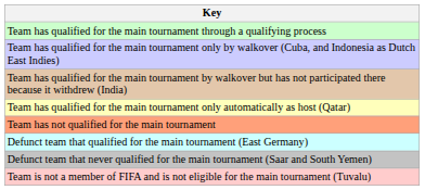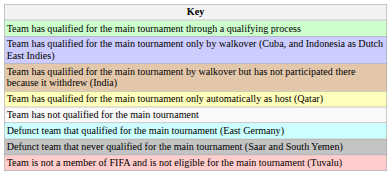 <table class="wikitable">
 <tr>
 <th>Key</th>
 </tr>
 <tr style="background:#cfc;">
 <td>Team has qualified for the main tournament through a qualifying process</td>
 </tr>
 <tr style="background:#ccccff;">
 <td>Team has qualified for the main tournament only by walkover (Cuba, and Indonesia as Dutch East Indies)</td>
 </tr>
 <tr style="background:#e3c7ab;">
 <td>Team has qualified for the main tournament by walkover but has not participated there because it withdrew (India)</td>
 </tr>
 <tr style="background:#ffffbb;">
 <td>Team has qualified for the main tournament only automatically as host (Qatar)</td>
 </tr>
 <tr>
-<td style="background: lightsalmon;">Team has not qualified for the main tournament</td>
+<td>Team has not qualified for the main tournament</td>
 </tr>
 <tr style="background:#ccffff;">
 <td>Defunct team that qualified for the main tournament (East Germany)</td>
 </tr>
 <tr style="background:#C3C3C3;">
 <td>Defunct team that never qualified for the main tournament (Saar and South Yemen)</td>
 </tr>
 <tr style="background:#ffcccc;">
 <td>Team is not a member of FIFA and is not eligible for the main tournament (Tuvalu)</td>
 </tr>
 </table>
